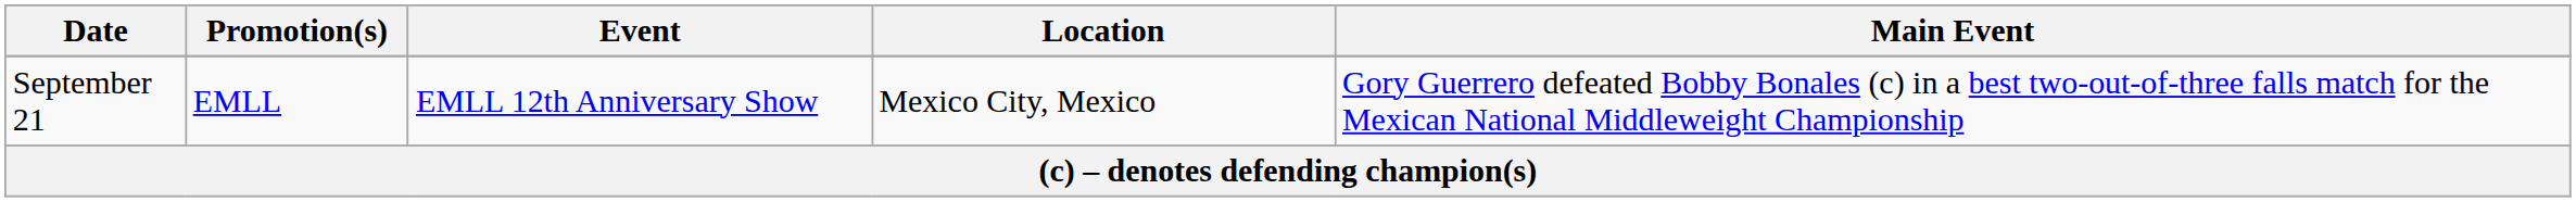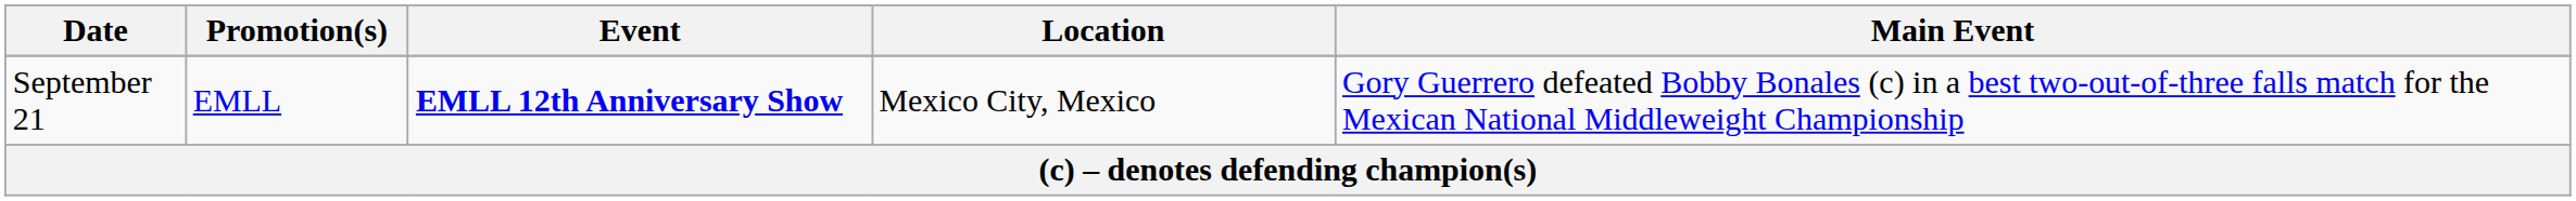 <table class="wikitable" style="width:100%;">
 <tr>
 <th width=5%>Date</th>
 <th width=5%>Promotion(s)</th>
 <th style="width:15%;">Event</th>
 <th style="width:15%;">Location</th>
 <th style="width:40%;">Main Event</th>
 </tr>
 <tr style="width:20%;"| Notes>
 </tr>
 <tr>
 <td>September 21</td>
 <td><a href='#'>EMLL</a></td>
-<td><a href='#'>EMLL 12th Anniversary Show</a></td>
+<td><strong><a href='#'>EMLL 12th Anniversary Show</a></strong></td>
 <td>Mexico City, Mexico</td>
 <td><a href='#'>Gory Guerrero</a> defeated <a href='#'>Bobby Bonales</a> (c) in a <a href='#'>best two-out-of-three falls match</a> for the <a href='#'>Mexican National Middleweight Championship</a></td>
 </tr>
 <tr>
 <th colspan="5">(c) – denotes defending champion(s)</th>
 </tr>
 </table>
